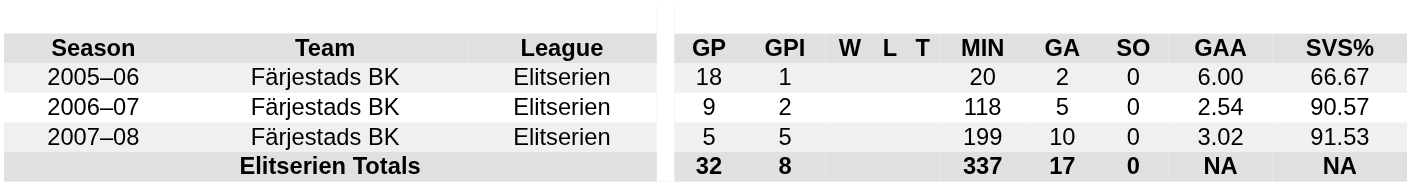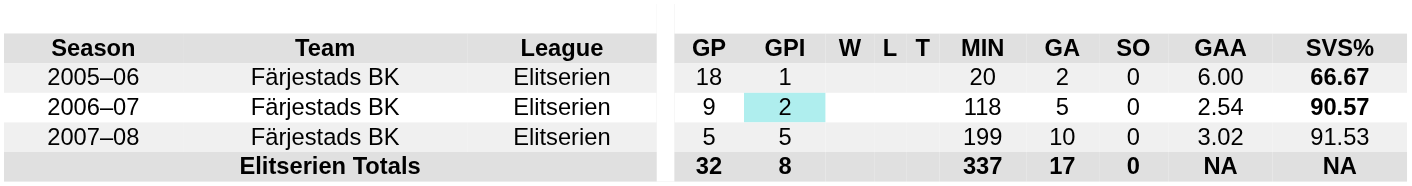 <table BORDER="0" CELLPADDING="1" CELLSPACING="0" width="75%" style="text-align:center">
 <tr ALIGN="center" bgcolor="#e0e0e0">
 <th colspan="3" bgcolor="#ffffff"> </th>
 <th rowspan="99" bgcolor="#ffffff"> </th>
 </tr>
 <tr ALIGN="center" bgcolor="#e0e0e0">
 <th>Season</th>
 <th>Team</th>
 <th>League</th>
 <th>GP</th>
 <th>GPI</th>
 <th>W</th>
 <th>L</th>
 <th>T</th>
 <th>MIN</th>
 <th>GA</th>
 <th>SO</th>
 <th>GAA</th>
 <th>SVS%</th>
 </tr>
 <tr ALIGN="center" bgcolor="#f0f0f0">
 <td>2005–06</td>
 <td>Färjestads BK</td>
 <td>Elitserien</td>
 <td>18</td>
 <td>1</td>
 <td></td>
 <td></td>
 <td></td>
 <td>20</td>
 <td>2</td>
 <td>0</td>
 <td>6.00</td>
-<td>66.67</td>
+<td><strong>66.67</strong></td>
 </tr>
 <tr ALIGN="center">
 <td>2006–07</td>
 <td>Färjestads BK</td>
 <td>Elitserien</td>
 <td>9</td>
-<td>2</td>
+<td style="background: paleturquoise;">2</td>
 <td></td>
 <td></td>
 <td></td>
 <td>118</td>
 <td>5</td>
 <td>0</td>
 <td>2.54</td>
-<td>90.57</td>
+<td><strong>90.57</strong></td>
 </tr>
 <tr ALIGN="center" bgcolor="#f0f0f0">
 <td>2007–08</td>
 <td>Färjestads BK</td>
 <td>Elitserien</td>
 <td>5</td>
 <td>5</td>
 <td></td>
 <td></td>
 <td></td>
 <td>199</td>
 <td>10</td>
 <td>0</td>
 <td>3.02</td>
 <td>91.53</td>
 </tr>
 <tr ALIGN="center" bgcolor="#e0e0e0">
 <th colspan="3">Elitserien Totals</th>
 <th>32</th>
 <th>8</th>
 <th></th>
 <th></th>
 <th></th>
 <th>337</th>
 <th>17</th>
 <th>0</th>
 <th>NA</th>
 <th>NA</th>
 </tr>
 </table>
